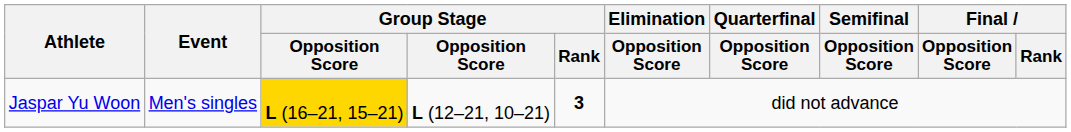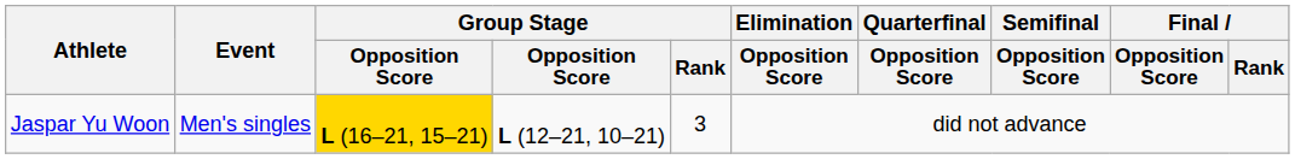 <table class="wikitable" style="font-size:90%">
 <tr>
 <th rowspan=2>Athlete</th>
 <th rowspan=2>Event</th>
 <th colspan=3>Group Stage</th>
 <th>Elimination</th>
 <th>Quarterfinal</th>
 <th>Semifinal</th>
 <th colspan=2>Final / </th>
 </tr>
 <tr style="font-size:95%">
 <th>Opposition<br>Score</th>
 <th>Opposition<br>Score</th>
 <th>Rank</th>
 <th>Opposition<br>Score</th>
 <th>Opposition<br>Score</th>
 <th>Opposition<br>Score</th>
 <th>Opposition<br>Score</th>
 <th>Rank</th>
 </tr>
 <tr align=center>
 <td align=left><a href='#'>Jaspar Yu Woon</a></td>
 <td align=left><a href='#'>Men's singles</a></td>
 <td style="background: gold;"><br><strong>L</strong> (16–21, 15–21)</td>
 <td><br><strong>L</strong> (12–21, 10–21)</td>
-<td><strong>3</strong></td>
+<td>3</td>
 <td colspan="5">did not advance</td>
 </tr>
 </table>
